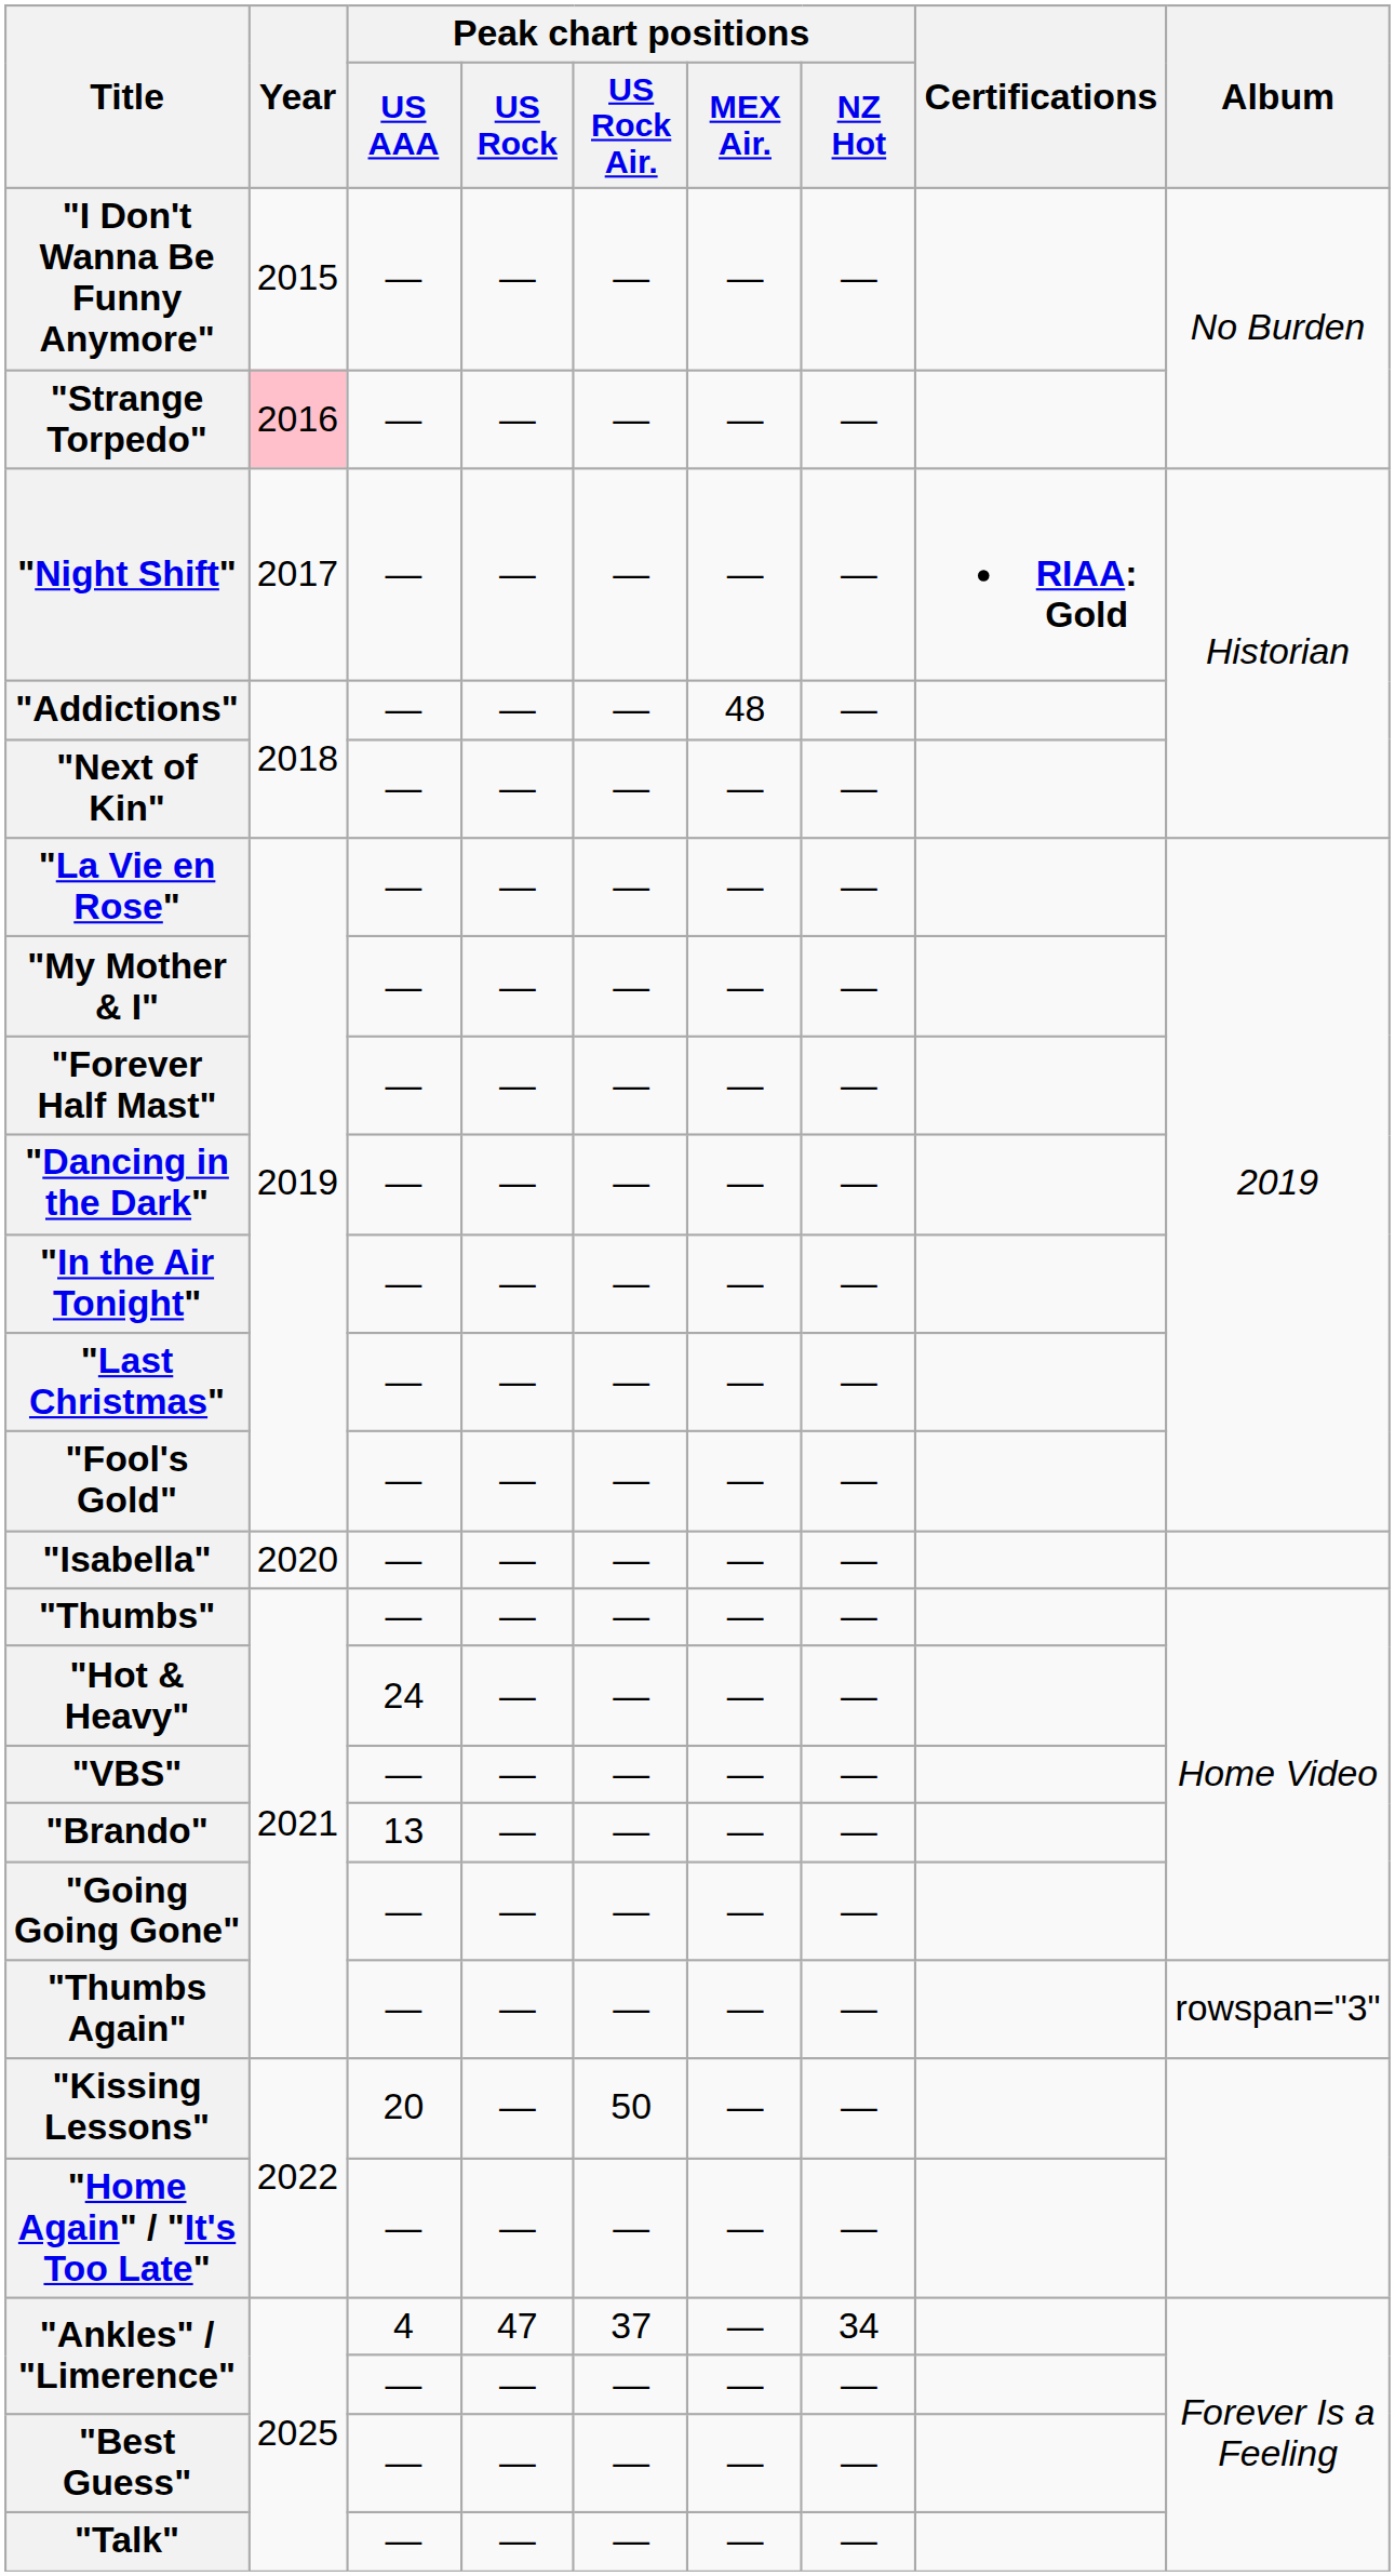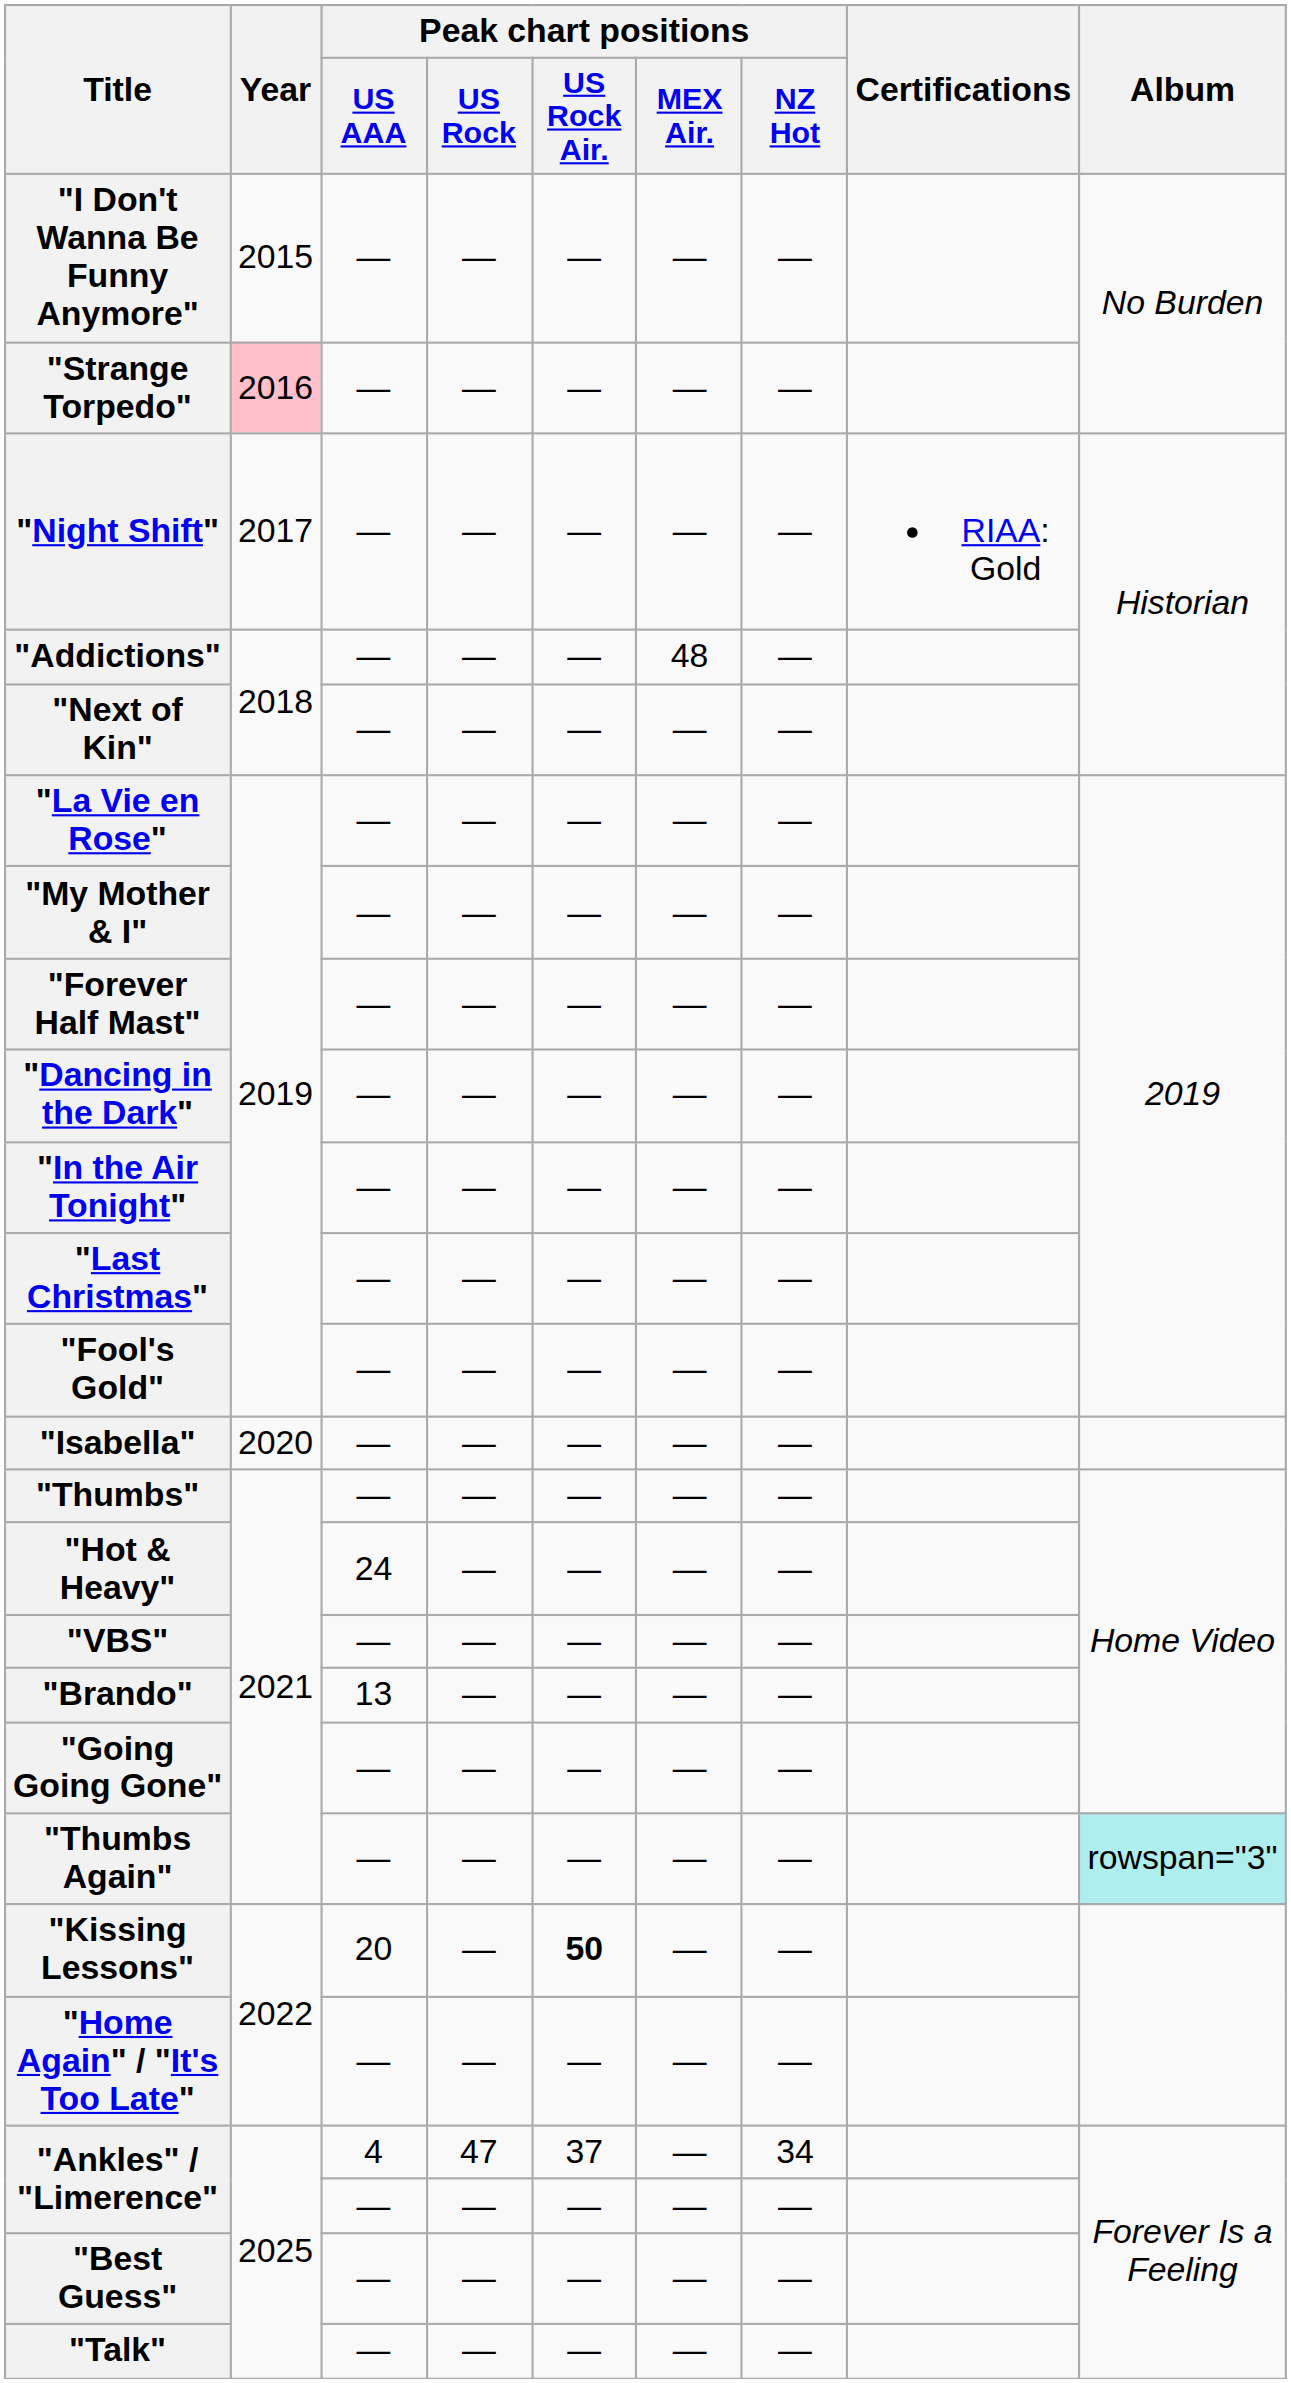 <table class="wikitable plainrowheaders" style="text-align:center;">
 <tr>
 <th scope="col" rowspan="2">Title</th>
 <th scope="col" rowspan="2">Year</th>
 <th scope="col" colspan="5">Peak chart positions</th>
 <th scope="col" rowspan="2">Certifications</th>
 <th scope="col" rowspan="2">Album</th>
 </tr>
 <tr>
 <th scope="col" style="width:3em;font-size:90%;"><a href='#'>US<br>AAA</a><br></th>
 <th scope="col" style="width:3em;font-size:90%;"><a href='#'>US<br>Rock</a><br></th>
 <th scope="col" style="width:3em;font-size:90%;"><a href='#'>US<br>Rock<br>Air.</a><br></th>
 <th scope="col" style="width:3em;font-size:90%;"><a href='#'>MEX<br>Air.</a><br></th>
 <th scope="col" style="width:3em;font-size:90%;"><a href='#'>NZ<br>Hot</a><br></th>
 </tr>
 <tr>
 <th scope="row">"I Don't Wanna Be Funny Anymore"</th>
 <td>2015</td>
 <td>—</td>
 <td>—</td>
 <td>—</td>
 <td>—</td>
 <td>—</td>
 <td></td>
 <td rowspan="2"><em>No Burden</em></td>
 </tr>
 <tr>
 <th scope="row">"Strange Torpedo"</th>
 <td style="background: pink;">2016</td>
 <td>—</td>
 <td>—</td>
 <td>—</td>
 <td>—</td>
 <td>—</td>
 <td></td>
 </tr>
 <tr>
 <th scope="row">"<a href='#'>Night Shift</a>"</th>
 <td>2017</td>
 <td>—</td>
 <td>—</td>
 <td>—</td>
 <td>—</td>
 <td>—</td>
-<td><strong><br><ul><li><a href='#'>RIAA</a>: Gold</li></ul></strong></td>
+<td><br><ul><li><a href='#'>RIAA</a>: Gold</li></ul></td>
 <td rowspan="3"><em>Historian</em></td>
 </tr>
 <tr>
 <th scope="row">"Addictions"</th>
 <td rowspan="2">2018</td>
 <td>—</td>
 <td>—</td>
 <td>—</td>
 <td>48</td>
 <td>—</td>
 <td></td>
 </tr>
 <tr>
 <th scope="row">"Next of Kin"</th>
 <td>—</td>
 <td>—</td>
 <td>—</td>
 <td>—</td>
 <td>—</td>
 <td></td>
 </tr>
 <tr>
 <th scope="row">"<a href='#'>La Vie en Rose</a>"</th>
 <td rowspan="7">2019</td>
 <td>—</td>
 <td>—</td>
 <td>—</td>
 <td>—</td>
 <td>—</td>
 <td></td>
 <td rowspan="7"><em>2019</em></td>
 </tr>
 <tr>
 <th scope="row">"My Mother & I"</th>
 <td>—</td>
 <td>—</td>
 <td>—</td>
 <td>—</td>
 <td>—</td>
 <td></td>
 </tr>
 <tr>
 <th scope="row">"Forever Half Mast"</th>
 <td>—</td>
 <td>—</td>
 <td>—</td>
 <td>—</td>
 <td>—</td>
 <td></td>
 </tr>
 <tr>
 <th scope="row">"<a href='#'>Dancing in the Dark</a>"</th>
 <td>—</td>
 <td>—</td>
 <td>—</td>
 <td>—</td>
 <td>—</td>
 <td></td>
 </tr>
 <tr>
 <th scope="row">"<a href='#'>In the Air Tonight</a>"</th>
 <td>—</td>
 <td>—</td>
 <td>—</td>
 <td>—</td>
 <td>—</td>
 <td></td>
 </tr>
 <tr>
 <th scope="row">"<a href='#'>Last Christmas</a>"</th>
 <td>—</td>
 <td>—</td>
 <td>—</td>
 <td>—</td>
 <td>—</td>
 <td></td>
 </tr>
 <tr>
 <th scope="row">"Fool's Gold"</th>
 <td>—</td>
 <td>—</td>
 <td>—</td>
 <td>—</td>
 <td>—</td>
 <td></td>
 </tr>
 <tr>
 <th scope="row">"Isabella"<br></th>
 <td>2020</td>
 <td>—</td>
 <td>—</td>
 <td>—</td>
 <td>—</td>
 <td>—</td>
 <td></td>
 <td></td>
 </tr>
 <tr>
 <th scope="row">"Thumbs"</th>
 <td rowspan="6">2021</td>
 <td>—</td>
 <td>—</td>
 <td>—</td>
 <td>—</td>
 <td>—</td>
 <td></td>
 <td rowspan="5"><em>Home Video</em></td>
 </tr>
 <tr>
 <th scope="row">"Hot & Heavy"</th>
 <td>24</td>
 <td>—</td>
 <td>—</td>
 <td>—</td>
 <td>—</td>
 <td></td>
 </tr>
 <tr>
 <th scope="row">"VBS"</th>
 <td>—</td>
 <td>—</td>
 <td>—</td>
 <td>—</td>
 <td>—</td>
 <td></td>
 </tr>
 <tr>
 <th scope="row">"Brando"</th>
 <td>13</td>
 <td>—</td>
 <td>—</td>
 <td>—</td>
 <td>—</td>
 <td></td>
 </tr>
 <tr>
 <th scope="row">"Going Going Gone"</th>
 <td>—</td>
 <td>—</td>
 <td>—</td>
 <td>—</td>
 <td>—</td>
 <td></td>
 </tr>
 <tr>
 <th scope="row">"Thumbs Again"</th>
 <td>—</td>
 <td>—</td>
 <td>—</td>
 <td>—</td>
 <td>—</td>
 <td></td>
-<td>rowspan="3" </td>
+<td style="background: paleturquoise;">rowspan="3" </td>
 </tr>
 <tr>
 <th scope="row">"Kissing Lessons"</th>
 <td rowspan="2">2022</td>
 <td>20</td>
 <td>—</td>
-<td>50</td>
+<td><strong>50</strong></td>
 <td>—</td>
 <td>—</td>
 <td></td>
 </tr>
 <tr>
 <th scope="row">"<a href='#'>Home Again</a>" / "<a href='#'>It's Too Late</a>"</th>
 <td>—</td>
 <td>—</td>
 <td>—</td>
 <td>—</td>
 <td>—</td>
 <td></td>
 </tr>
 <tr>
 <th scope="row" rowspan="2">"Ankles" / "Limerence"</th>
 <td rowspan="4">2025</td>
 <td>4</td>
 <td>47</td>
 <td>37</td>
 <td>—</td>
 <td>34</td>
 <td></td>
 <td rowspan="4"><em>Forever Is a Feeling</em></td>
 </tr>
 <tr>
 <td>—</td>
 <td>—</td>
 <td>—</td>
 <td>—</td>
 <td>—</td>
 <td></td>
 </tr>
 <tr>
 <th scope="row">"Best Guess"</th>
 <td>—</td>
 <td>—</td>
 <td>—</td>
 <td>—</td>
 <td>—</td>
 <td></td>
 </tr>
 <tr>
 <th scope="row">"Talk"</th>
 <td>—</td>
 <td>—</td>
 <td>—</td>
 <td>—</td>
 <td>—</td>
 <td></td>
 </tr>
 </table>
